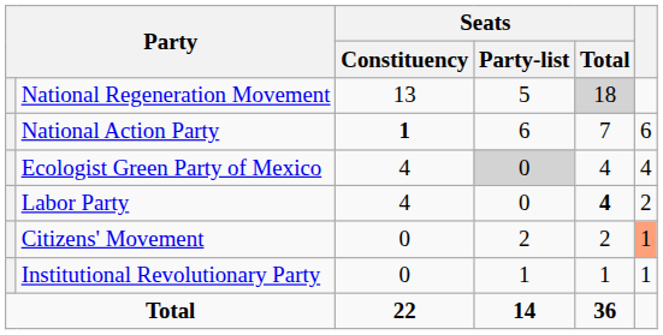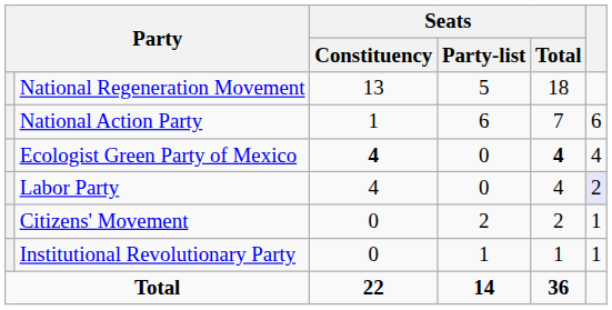 <table class="wikitable" style="text-align:center;">
 <tr>
 <th colspan="2" rowspan="2">Party</th>
 <th colspan="3">Seats</th>
 <th rowspan="2"></th>
 </tr>
 <tr>
 <th style="width:3em"><strong>Constituency</strong></th>
 <th>Party-list</th>
 <th>Total</th>
 </tr>
 <tr>
 <th style="background-color:"></th>
 <td style="text-align:left;"><a href='#'>National Regeneration Movement</a></td>
 <td>13</td>
 <td>5</td>
-<td style="background: lightgrey;">18</td>
+<td>18</td>
 <td></td>
 </tr>
 <tr>
 <th style="background-color:"></th>
 <td style="text-align:left;"><a href='#'>National Action Party</a></td>
-<td><strong>1</strong></td>
+<td>1</td>
 <td>6</td>
 <td>7</td>
 <td> 6</td>
 </tr>
 <tr>
 <th style="background-color:"></th>
 <td style="text-align:left;"><a href='#'>Ecologist Green Party of Mexico</a></td>
-<td>4</td>
-<td style="background: lightgrey;">0</td>
-<td>4</td>
+<td><strong>4</strong></td>
+<td>0</td>
+<td><strong>4</strong></td>
 <td> 4</td>
 </tr>
 <tr>
 <th style="background-color:"></th>
 <td style="text-align:left;"><a href='#'>Labor Party</a></td>
 <td>4</td>
 <td>0</td>
-<td><strong>4</strong></td>
-<td> 2</td>
+<td>4</td>
+<td style="background: lavender;"> 2</td>
 </tr>
 <tr>
 <th style="background-color:"></th>
 <td style="text-align:left;"><a href='#'>Citizens' Movement</a></td>
 <td>0</td>
 <td>2</td>
 <td>2</td>
-<td style="background: lightsalmon;"> 1</td>
+<td> 1</td>
 </tr>
 <tr>
 <th style="background-color:"></th>
 <td style="text-align:left;"><a href='#'>Institutional Revolutionary Party</a></td>
 <td>0</td>
 <td>1</td>
 <td>1</td>
 <td> 1</td>
 </tr>
 <tr>
 <td colspan="2"><strong>Total</strong></td>
 <td><strong>22</strong></td>
 <td><strong>14</strong></td>
 <td><strong>36</strong></td>
 <td></td>
 </tr>
 </table>
